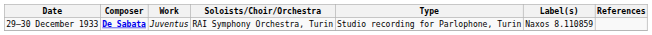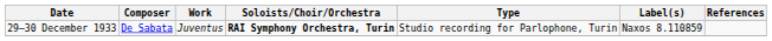 <table class="wikitable">
 <tr>
 <th>Date</th>
 <th>Composer</th>
 <th>Work</th>
 <th>Soloists/Choir/Orchestra</th>
 <th>Type</th>
 <th>Label(s)</th>
 <th>References</th>
 </tr>
 <tr>
 <td>29–30 December 1933</td>
-<td><strong><a href='#'>De Sabata</a></strong></td>
+<td><a href='#'>De Sabata</a></td>
 <td><em>Juventus</em></td>
-<td>RAI Symphony Orchestra, Turin</td>
+<td><strong>RAI Symphony Orchestra, Turin</strong></td>
 <td>Studio recording for Parlophone, Turin</td>
 <td>Naxos 8.110859</td>
 <td></td>
 </tr>
 <tr>
 </tr>
 </table>
